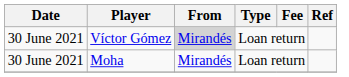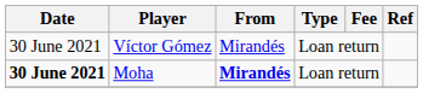 <table class="wikitable">
 <tr>
 <th>Date</th>
 <th>Player</th>
 <th>From</th>
 <th>Type</th>
 <th>Fee</th>
 <th>Ref</th>
 </tr>
 <tr>
 <td>30 June 2021</td>
 <td> <a href='#'>Víctor Gómez</a></td>
-<td style="background: lightgrey;"><a href='#'>Mirandés</a></td>
+<td><a href='#'>Mirandés</a></td>
 <td align=center colspan=2>Loan return</td>
 <td align=center></td>
 </tr>
 <tr>
-<td>30 June 2021</td>
+<td><strong>30 June 2021</strong></td>
 <td> <a href='#'>Moha</a></td>
-<td><a href='#'>Mirandés</a></td>
+<td><strong><a href='#'>Mirandés</a></strong></td>
 <td align=center colspan=2>Loan return</td>
 <td align=center></td>
 </tr>
 <tr>
 </tr>
 </table>
